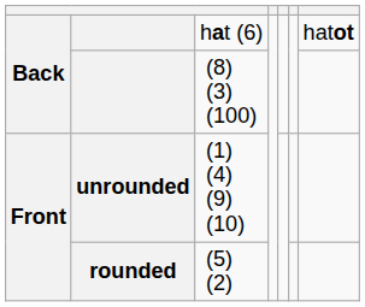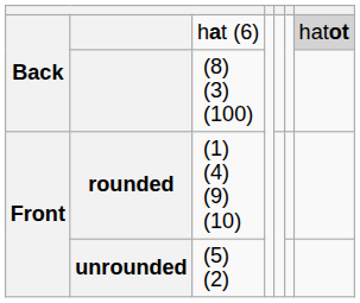 <table class="wikitable" style="padding:0; spacing:0; margin:0">
 <tr>
 <th colspan="3" scope="row"></th>
 <th scope="col"> </th>
 <th scope="col"> </th>
 <th scope="col"> </th>
 <th scope="col"> </th>
 </tr>
 <tr>
 <th rowspan="2" scope="row">Back</th>
 <th><small></small></th>
 <td>h<strong>a</strong>t (6)</td>
 <td rowspan="4"></td>
 <td rowspan="2"></td>
 <td rowspan="2"></td>
-<td>hat<strong>ot</strong></td>
+<td style="background: lightgrey;">hat<strong>ot</strong></td>
 </tr>
 <tr>
 <th><small></small></th>
 <td> (8)<br> (3)<br> (100)</td>
 <td></td>
 </tr>
 <tr>
 <th rowspan="2" scope="row">Front</th>
-<th scope="row">unrounded </th>
+<th scope="row">rounded</th>
 <td> (1)<br> (4)<br> (9)<br> (10)</td>
 <td rowspan="2"></td>
 <td></td>
 <td></td>
 </tr>
 <tr>
-<th scope="row">rounded</th>
+<th scope="row">unrounded </th>
 <td> (5)<br> (2)</td>
 <td></td>
 <td></td>
 </tr>
 </table>
